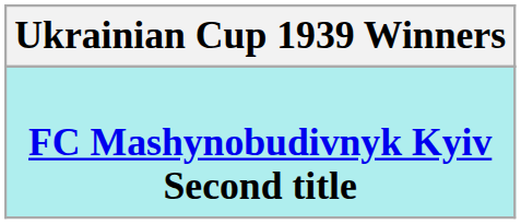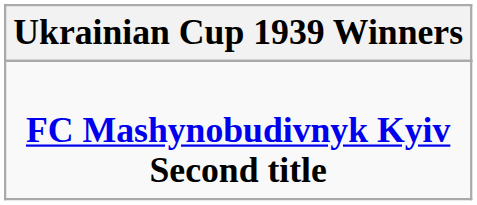 <table class="wikitable" style="text-align: center; margin: 0 auto;">
 <tr>
 <th>Ukrainian Cup 1939 Winners</th>
 </tr>
 <tr>
 </tr>
 <tr>
-<td style="background: paleturquoise;"><br><strong><a href='#'>FC Mashynobudivnyk Kyiv</a></strong><br><strong>Second title</strong></td>
+<td><br><strong><a href='#'>FC Mashynobudivnyk Kyiv</a></strong><br><strong>Second title</strong></td>
 </tr>
 </table>
